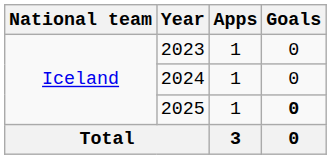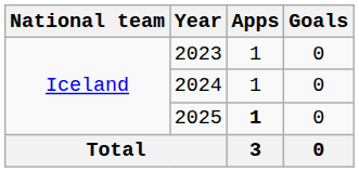 <table class="wikitable" style="text-align:center">
 <tr>
 <th>National team</th>
 <th>Year</th>
 <th>Apps</th>
 <th>Goals</th>
 </tr>
 <tr>
 <td rowspan="3"><a href='#'>Iceland</a></td>
 <td>2023</td>
 <td>1</td>
 <td>0</td>
 </tr>
 <tr>
 <td>2024</td>
 <td>1</td>
 <td>0</td>
 </tr>
 <tr>
 <td>2025</td>
-<td>1</td>
-<td><strong>0</strong></td>
+<td><strong>1</strong></td>
+<td>0</td>
 </tr>
 <tr>
 <th colspan="2">Total</th>
 <th>3</th>
 <th>0</th>
 </tr>
 </table>
